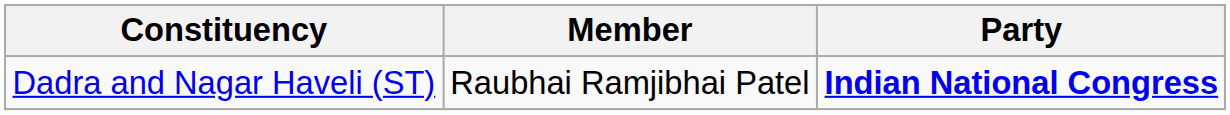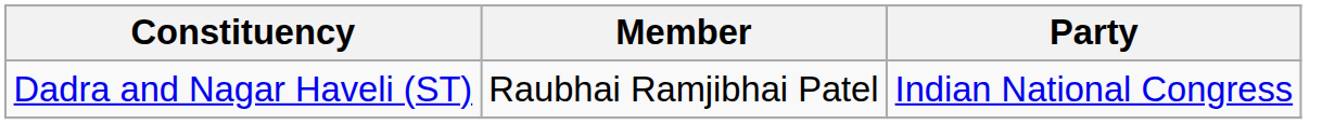 <table class="wikitable sortable">
 <tr>
 <th>Constituency</th>
 <th>Member</th>
 <th>Party</th>
 </tr>
 <tr>
 <td><a href='#'>Dadra and Nagar Haveli (ST)</a></td>
 <td>Raubhai Ramjibhai Patel</td>
-<td><strong><a href='#'>Indian National Congress</a></strong></td>
+<td><a href='#'>Indian National Congress</a></td>
 </tr>
 <tr>
 </tr>
 </table>
